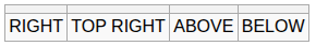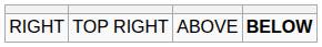 <table class="wikitable">
 <tr align="center" style="font-size: 18px">
 <th></th>
 <th></th>
 <th></th>
 <th></th>
 </tr>
 <tr align="center">
 <td>RIGHT</td>
 <td>TOP RIGHT</td>
 <td>ABOVE</td>
-<td>BELOW</td>
+<td><strong>BELOW</strong></td>
 </tr>
 </table>
